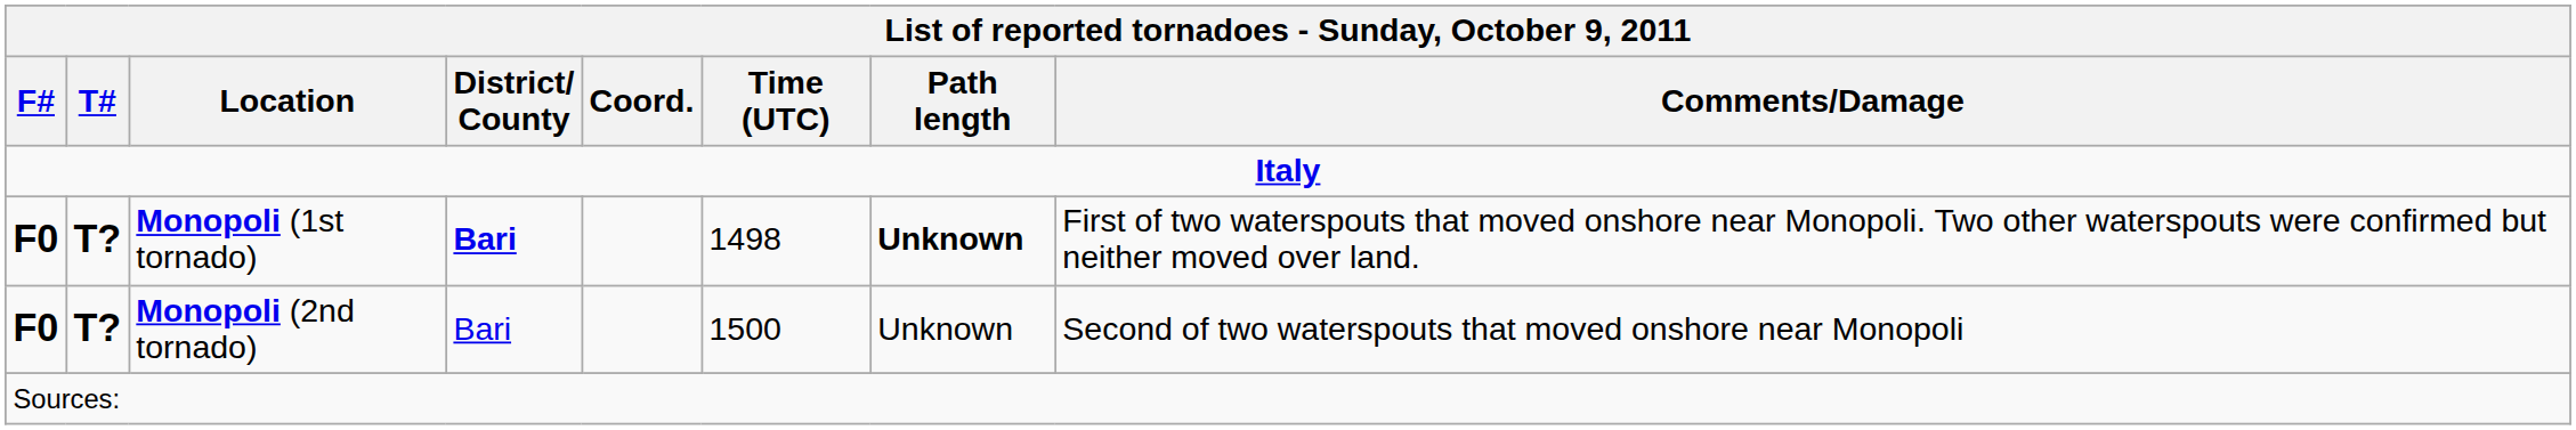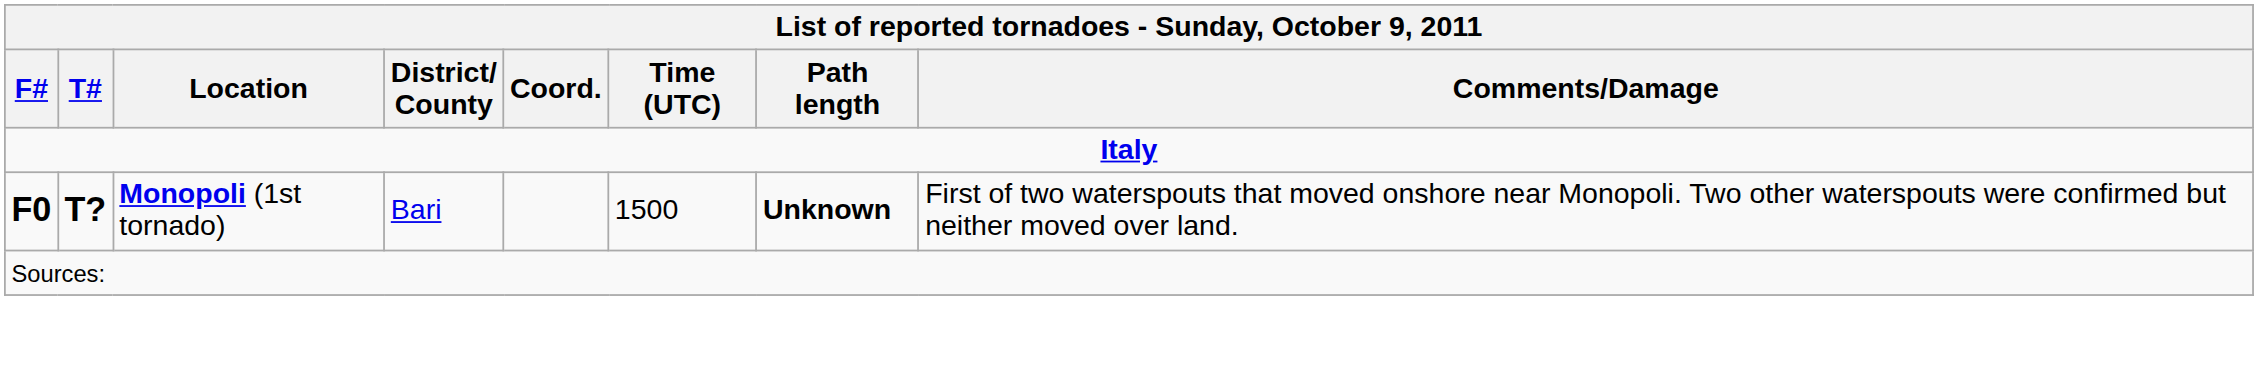 <table class="wikitable collapsible" width="100%">
 <tr>
 <th colspan="8">List of reported tornadoes - Sunday, October 9, 2011</th>
 </tr>
 <tr>
 <th><a href='#'>F#</a></th>
 <th><a href='#'>T#</a></th>
 <th>Location</th>
 <th>District/<br>County</th>
 <th>Coord.</th>
 <th>Time (UTC)</th>
 <th>Path length</th>
 <th>Comments/Damage</th>
 </tr>
 <tr>
 <td colspan="8" align=center><strong><a href='#'>Italy</a></strong></td>
 </tr>
 <tr>
 <td><big><strong>F0</strong></big></td>
 <td><big><strong>T?</strong></big></td>
 <td><strong><a href='#'>Monopoli</a></strong> (1st tornado)</td>
-<td><strong><a href='#'>Bari</a></strong></td>
-<td></td>
-<td>1498</td>
-<td><strong>Unknown</strong></td>
-<td>First of two waterspouts that moved onshore near Monopoli. Two other waterspouts were confirmed but neither moved over land.</td>
-</tr>
-<tr>
-<td><big><strong>F0</strong></big></td>
-<td><big><strong>T?</strong></big></td>
-<td><strong><a href='#'>Monopoli</a></strong> (2nd tornado)</td>
 <td><a href='#'>Bari</a></td>
 <td></td>
 <td>1500</td>
-<td>Unknown</td>
-<td>Second of two waterspouts that moved onshore near Monopoli</td>
+<td><strong>Unknown</strong></td>
+<td>First of two waterspouts that moved onshore near Monopoli. Two other waterspouts were confirmed but neither moved over land.</td>
 </tr>
 <tr>
 <td colspan="8"><small>Sources:  </small></td>
 </tr>
 </table>
